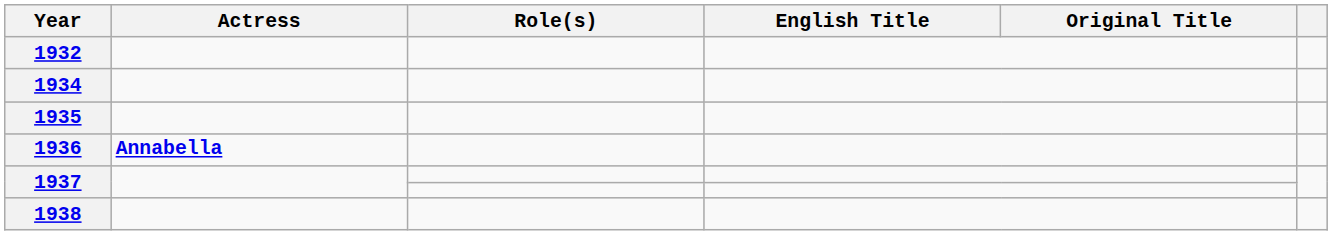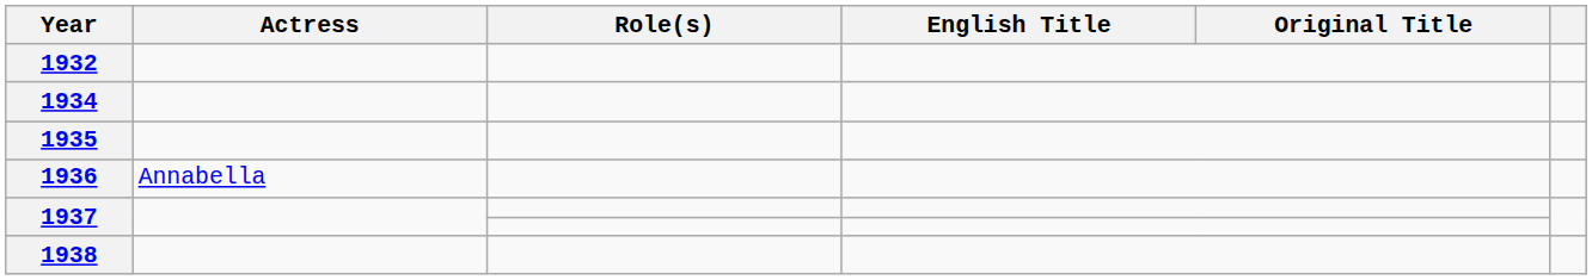 <table class="wikitable unsortable">
 <tr>
 <th scope="col" style="width:3%;">Year</th>
 <th scope="col" style="width:10%;">Actress</th>
 <th scope="col" style="width:10%;">Role(s)</th>
 <th scope="col" style="width:10%;">English Title</th>
 <th scope="col" style="width:10%;">Original Title</th>
 <th scope="col" style="width:1%;" class="unsortable"></th>
 </tr>
 <tr>
 <th scope="row" style="text-align:center"><a href='#'>1932</a></th>
 <td> </td>
 <td></td>
 <td colspan="2"></td>
 <td style="text-align:center"></td>
 </tr>
 <tr>
 <th scope="row" style="text-align:center"><a href='#'>1934</a></th>
 <td> </td>
 <td></td>
 <td colspan="2"></td>
 <td style="text-align:center"></td>
 </tr>
 <tr>
 <th scope="row" style="text-align:center"><a href='#'>1935</a></th>
 <td> </td>
 <td></td>
 <td colspan="2"></td>
 <td style="text-align:center"></td>
 </tr>
 <tr>
 <th scope="row" style="text-align:center"><a href='#'>1936</a></th>
-<td><strong> <a href='#'>Annabella</a></strong></td>
+<td> <a href='#'>Annabella</a></td>
 <td></td>
 <td colspan="2"></td>
 <td style="text-align:center"></td>
 </tr>
 <tr>
 <th scope="row" style="text-align:center" rowspan="2"><a href='#'>1937</a></th>
 <td rowspan=2> </td>
 <td></td>
 <td colspan="2"></td>
 <td rowspan="2" style="text-align:center"></td>
 </tr>
 <tr>
 <td></td>
 <td colspan="2"></td>
 </tr>
 <tr>
 <th scope="row" style="text-align:center"><a href='#'>1938</a></th>
 <td> </td>
 <td></td>
 <td colspan="2"></td>
 <td style="text-align:center"></td>
 </tr>
 </table>
